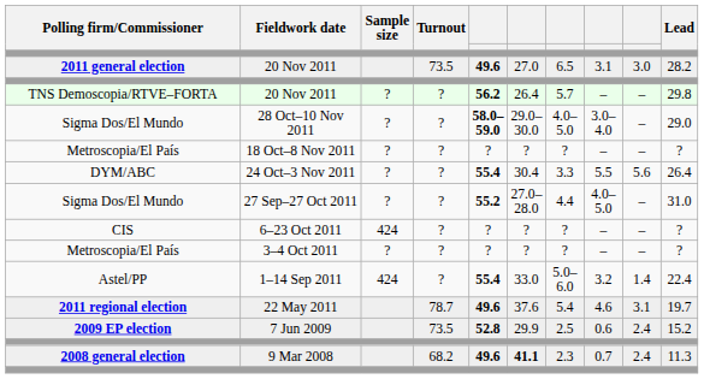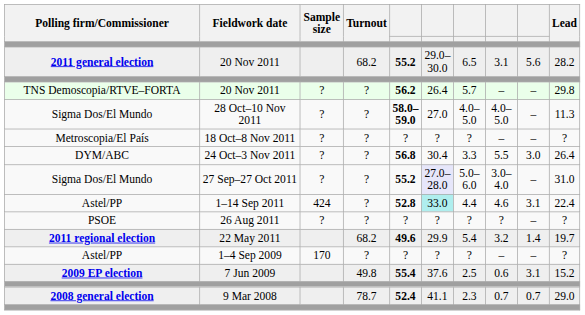 <table class="wikitable collapsible collapsed" style="text-align:center; font-size:95%; line-height:16px;">
 <tr style="height:42px;">
 <th style="width:250px;" rowspan="2">Polling firm/Commissioner</th>
 <th style="width:125px;" rowspan="2">Fieldwork date</th>
 <th style="width:50px;" rowspan="2">Sample size</th>
 <th style="width:45px;" rowspan="2">Turnout</th>
 <th style="width:35px;"></th>
 <th style="width:35px;"></th>
 <th style="width:35px;"></th>
 <th style="width:35px;"><br></th>
 <th style="width:35px;"></th>
 <th style="width:30px;" rowspan="2">Lead</th>
 </tr>
 <tr>
 <th style="color:inherit;background:"></th>
 <th style="color:inherit;background:"></th>
 <th style="color:inherit;background:"></th>
 <th style="color:inherit;background:"></th>
 <th style="color:inherit;background:"></th>
 </tr>
 <tr>
 <td colspan="10" style="background:#A0A0A0"></td>
 </tr>
 <tr style="background:#EFEFEF;">
 <td><strong><a href='#'>2011 general election</a></strong></td>
 <td>20 Nov 2011</td>
 <td></td>
-<td>73.5</td>
-<td><strong>49.6</strong><br></td>
-<td>27.0<br></td>
+<td>68.2</td>
+<td><strong>55.2</strong><br></td>
+<td>29.0–<br>30.0<br></td>
 <td>6.5<br></td>
 <td>3.1<br></td>
-<td>3.0<br></td>
+<td>5.6<br></td>
 <td style="background:">28.2</td>
 </tr>
 <tr>
 <td colspan="10" style="background:#A0A0A0"></td>
 </tr>
 <tr style="background:#EAFFEA;">
 <td>TNS Demoscopia/RTVE–FORTA</td>
 <td>20 Nov 2011</td>
 <td>?</td>
 <td>?</td>
 <td><strong>56.2</strong><br></td>
 <td>26.4<br></td>
 <td>5.7<br></td>
 <td>–</td>
 <td>–</td>
 <td style="background:">29.8</td>
 </tr>
 <tr>
 <td>Sigma Dos/El Mundo</td>
 <td>28 Oct–10 Nov 2011</td>
 <td>?</td>
 <td>?</td>
 <td><strong>58.0–<br>59.0</strong><br></td>
-<td>29.0–<br>30.0<br></td>
+<td>27.0<br></td>
 <td>4.0–<br>5.0<br></td>
-<td>3.0–<br>4.0<br></td>
+<td>4.0–<br>5.0<br></td>
 <td>–</td>
-<td style="background:">29.0</td>
+<td style="background:">11.3</td>
 </tr>
 <tr>
 <td>Metroscopia/El País</td>
 <td>18 Oct–8 Nov 2011</td>
 <td>?</td>
 <td>?</td>
 <td>?<br></td>
 <td>?<br></td>
 <td>?<br></td>
 <td>–</td>
 <td>–</td>
 <td style="background:">?</td>
 </tr>
 <tr>
 <td>DYM/ABC</td>
 <td>24 Oct–3 Nov 2011</td>
 <td>?</td>
 <td>?</td>
-<td><strong>55.4</strong><br></td>
+<td><strong>56.8</strong><br></td>
 <td>30.4<br></td>
 <td>3.3<br></td>
 <td>5.5<br></td>
-<td>5.6<br></td>
+<td>3.0<br></td>
 <td style="background:">26.4</td>
 </tr>
 <tr>
 <td>Sigma Dos/El Mundo</td>
 <td>27 Sep–27 Oct 2011</td>
 <td>?</td>
 <td>?</td>
 <td><strong>55.2</strong><br></td>
-<td>27.0–<br>28.0<br></td>
-<td>4.4<br></td>
-<td>4.0–<br>5.0<br></td>
+<td style="background: lavender;">27.0–<br>28.0<br></td>
+<td>5.0–<br>6.0<br></td>
+<td>3.0–<br>4.0<br></td>
 <td>–</td>
 <td style="background:">31.0</td>
 </tr>
 <tr>
-<td>CIS</td>
-<td>6–23 Oct 2011</td>
+<td>Astel/PP</td>
+<td>1–14 Sep 2011</td>
 <td>424</td>
+<td>?</td>
+<td><strong>52.8</strong><br></td>
+<td style="background: paleturquoise;">33.0<br></td>
+<td>4.4<br></td>
+<td>4.6<br></td>
+<td>3.1<br></td>
+<td style="background:">22.4</td>
+</tr>
+<tr>
+<td>PSOE</td>
+<td>26 Aug 2011</td>
+<td>?</td>
+<td>?</td>
+<td>?<br></td>
+<td>?<br></td>
+<td>?<br></td>
+<td>?<br></td>
+<td>–</td>
+<td style="background:">?</td>
+</tr>
+<tr style="background:#EFEFEF;">
+<td><strong><a href='#'>2011 regional election</a></strong></td>
+<td>22 May 2011</td>
+<td></td>
+<td>68.2</td>
+<td><strong>49.6</strong><br></td>
+<td>29.9<br></td>
+<td>5.4<br></td>
+<td>3.2<br></td>
+<td>1.4<br></td>
+<td style="background:">19.7</td>
+</tr>
+<tr>
+<td>Astel/PP</td>
+<td>1–4 Sep 2009</td>
+<td>170</td>
 <td>?</td>
 <td>?<br></td>
 <td>?<br></td>
 <td>?<br></td>
 <td>–</td>
 <td>–</td>
 <td style="background:">?</td>
 </tr>
-<tr>
-<td>Metroscopia/El País</td>
-<td>3–4 Oct 2011</td>
-<td>?</td>
-<td>?</td>
-<td>?<br></td>
-<td>?<br></td>
-<td>?<br></td>
-<td>–</td>
-<td>–</td>
-<td style="background:">?</td>
-</tr>
-<tr>
-<td>Astel/PP</td>
-<td>1–14 Sep 2011</td>
-<td>424</td>
-<td>?</td>
-<td><strong>55.4</strong><br></td>
-<td>33.0<br></td>
-<td>5.0–<br>6.0<br></td>
-<td>3.2<br></td>
-<td>1.4<br></td>
-<td style="background:">22.4</td>
-</tr>
-<tr style="background:#EFEFEF;">
-<td><strong><a href='#'>2011 regional election</a></strong></td>
-<td>22 May 2011</td>
-<td></td>
-<td>78.7</td>
-<td><strong>49.6</strong><br></td>
-<td>37.6<br></td>
-<td>5.4<br></td>
-<td>4.6<br></td>
-<td>3.1<br></td>
-<td style="background:">19.7</td>
-</tr>
 <tr style="background:#EFEFEF;">
 <td><strong><a href='#'>2009 EP election</a></strong></td>
 <td>7 Jun 2009</td>
 <td></td>
-<td>73.5</td>
-<td><strong>52.8</strong><br></td>
-<td>29.9<br></td>
+<td>49.8</td>
+<td><strong>55.4</strong><br></td>
+<td>37.6<br></td>
 <td>2.5<br></td>
 <td>0.6<br></td>
-<td>2.4<br></td>
+<td>3.1<br></td>
 <td style="background:">15.2</td>
 </tr>
 <tr>
 <td colspan="10" style="background:#A0A0A0"></td>
 </tr>
 <tr style="background:#EFEFEF;">
 <td><strong><a href='#'>2008 general election</a></strong></td>
 <td>9 Mar 2008</td>
 <td></td>
-<td>68.2</td>
-<td><strong>49.6</strong><br></td>
-<td><strong>41.1<br></strong></td>
+<td>78.7</td>
+<td><strong>52.4</strong><br></td>
+<td>41.1<br></td>
 <td>2.3<br></td>
 <td>0.7<br></td>
-<td>2.4<br></td>
-<td style="background:">11.3</td>
+<td>0.7<br></td>
+<td style="background:">29.0</td>
 </tr>
 <tr>
 <td colspan="10" style="background:#A0A0A0"></td>
 </tr>
 </table>
